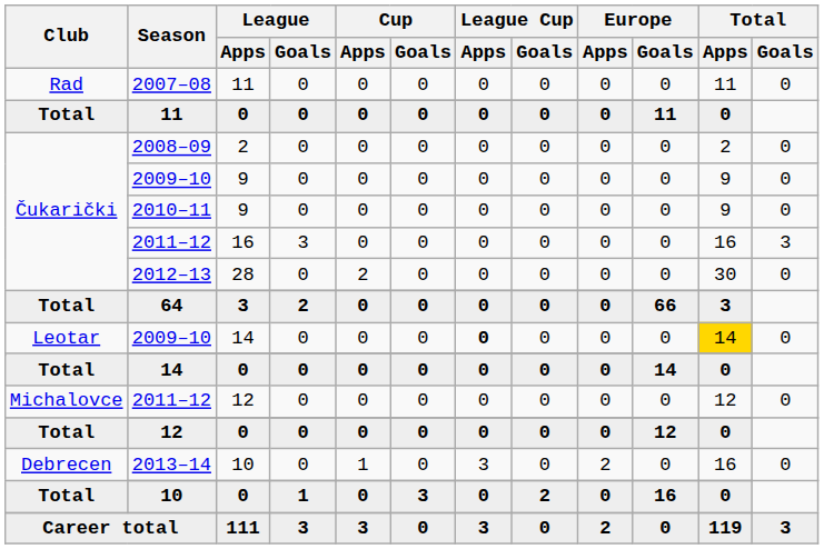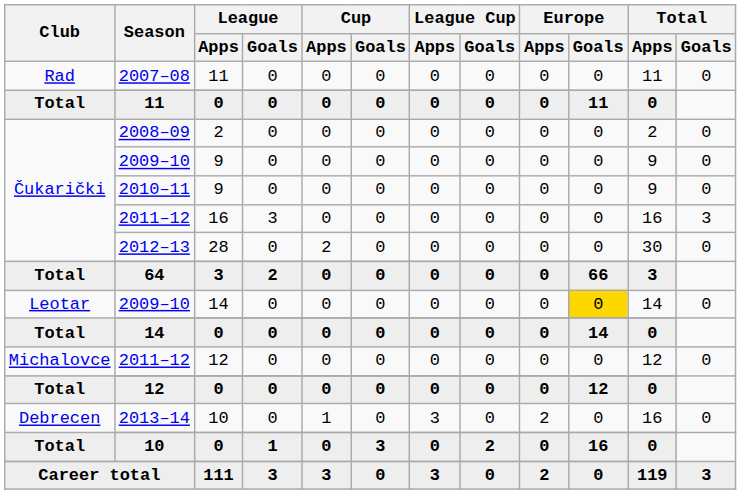 <table class="wikitable" style="font-size:90%; text-align: center;">
 <tr>
 <th rowspan="2">Club</th>
 <th rowspan="2">Season</th>
 <th colspan="2">League</th>
 <th colspan="2">Cup</th>
 <th colspan="2">League Cup</th>
 <th colspan="2">Europe</th>
 <th colspan="2">Total</th>
 </tr>
 <tr>
 <th>Apps</th>
 <th>Goals</th>
 <th>Apps</th>
 <th>Goals</th>
 <th>Apps</th>
 <th>Goals</th>
 <th>Apps</th>
 <th>Goals</th>
 <th>Apps</th>
 <th>Goals</th>
 </tr>
 <tr ||-||-||-|->
 <td rowspan="2"><a href='#'>Rad</a></td>
 <td><a href='#'>2007–08</a></td>
 <td>11</td>
 <td>0</td>
 <td>0</td>
 <td>0</td>
 <td>0</td>
 <td>0</td>
 <td>0</td>
 <td>0</td>
 <td>11</td>
 <td>0</td>
 </tr>
 <tr>
 </tr>
 <tr style="font-weight:bold; background-color:#eeeeee;">
 <td>Total</td>
 <td>11</td>
 <td>0</td>
 <td>0</td>
 <td>0</td>
 <td>0</td>
 <td>0</td>
 <td>0</td>
 <td>0</td>
 <td>11</td>
 <td>0</td>
 </tr>
 <tr>
 <td rowspan="6"><a href='#'>Čukarički</a></td>
 <td><a href='#'>2008–09</a></td>
 <td>2</td>
 <td>0</td>
 <td>0</td>
 <td>0</td>
 <td>0</td>
 <td>0</td>
 <td>0</td>
 <td>0</td>
 <td>2</td>
 <td>0</td>
 </tr>
 <tr>
 <td><a href='#'>2009–10</a></td>
 <td>9</td>
 <td>0</td>
 <td>0</td>
 <td>0</td>
 <td>0</td>
 <td>0</td>
 <td>0</td>
 <td>0</td>
 <td>9</td>
 <td>0</td>
 </tr>
 <tr>
 <td><a href='#'>2010–11</a></td>
 <td>9</td>
 <td>0</td>
 <td>0</td>
 <td>0</td>
 <td>0</td>
 <td>0</td>
 <td>0</td>
 <td>0</td>
 <td>9</td>
 <td>0</td>
 </tr>
 <tr>
 <td><a href='#'>2011–12</a></td>
 <td>16</td>
 <td>3</td>
 <td>0</td>
 <td>0</td>
 <td>0</td>
 <td>0</td>
 <td>0</td>
 <td>0</td>
 <td>16</td>
 <td>3</td>
 </tr>
 <tr>
 <td><a href='#'>2012–13</a></td>
 <td>28</td>
 <td>0</td>
 <td>2</td>
 <td>0</td>
 <td>0</td>
 <td>0</td>
 <td>0</td>
 <td>0</td>
 <td>30</td>
 <td>0</td>
 </tr>
 <tr>
 </tr>
 <tr style="font-weight:bold; background-color:#eeeeee;">
 <td>Total</td>
 <td>64</td>
 <td>3</td>
 <td>2</td>
 <td>0</td>
 <td>0</td>
 <td>0</td>
 <td>0</td>
 <td>0</td>
 <td>66</td>
 <td>3</td>
 </tr>
 <tr>
 <td rowspan="2"><a href='#'>Leotar</a></td>
 <td><a href='#'>2009–10</a></td>
 <td>14</td>
 <td>0</td>
 <td>0</td>
 <td>0</td>
-<td><strong>0</strong></td>
 <td>0</td>
 <td>0</td>
 <td>0</td>
-<td style="background: gold;">14</td>
+<td style="background: gold;">0</td>
+<td>14</td>
 <td>0</td>
 </tr>
 <tr>
 </tr>
 <tr style="font-weight:bold; background-color:#eeeeee;">
 <td>Total</td>
 <td>14</td>
 <td>0</td>
 <td>0</td>
 <td>0</td>
 <td>0</td>
 <td>0</td>
 <td>0</td>
 <td>0</td>
 <td>14</td>
 <td>0</td>
 </tr>
 <tr>
 <td rowspan="2"><a href='#'>Michalovce</a></td>
 <td><a href='#'>2011–12</a></td>
 <td>12</td>
 <td>0</td>
 <td>0</td>
 <td>0</td>
 <td>0</td>
 <td>0</td>
 <td>0</td>
 <td>0</td>
 <td>12</td>
 <td>0</td>
 </tr>
 <tr>
 </tr>
 <tr style="font-weight:bold; background-color:#eeeeee;">
 <td>Total</td>
 <td>12</td>
 <td>0</td>
 <td>0</td>
 <td>0</td>
 <td>0</td>
 <td>0</td>
 <td>0</td>
 <td>0</td>
 <td>12</td>
 <td>0</td>
 </tr>
 <tr>
 <td rowspan="2"><a href='#'>Debrecen</a></td>
 <td><a href='#'>2013–14</a></td>
 <td>10</td>
 <td>0</td>
 <td>1</td>
 <td>0</td>
 <td>3</td>
 <td>0</td>
 <td>2</td>
 <td>0</td>
 <td>16</td>
 <td>0</td>
 </tr>
 <tr>
 </tr>
 <tr style="font-weight:bold; background-color:#eeeeee;">
 <td>Total</td>
 <td>10</td>
 <td>0</td>
 <td>1</td>
 <td>0</td>
 <td>3</td>
 <td>0</td>
 <td>2</td>
 <td>0</td>
 <td>16</td>
 <td>0</td>
 </tr>
 <tr>
 </tr>
 <tr style="font-weight:bold; background-color:#eeeeee;">
 <td colspan="2"><strong>Career total</strong></td>
 <td><strong>111</strong></td>
 <td><strong>3</strong></td>
 <td><strong>3</strong></td>
 <td><strong>0</strong></td>
 <td><strong>3</strong></td>
 <td><strong>0</strong></td>
 <td><strong>2</strong></td>
 <td><strong>0</strong></td>
 <td><strong>119</strong></td>
 <td><strong>3</strong></td>
 </tr>
 </table>
